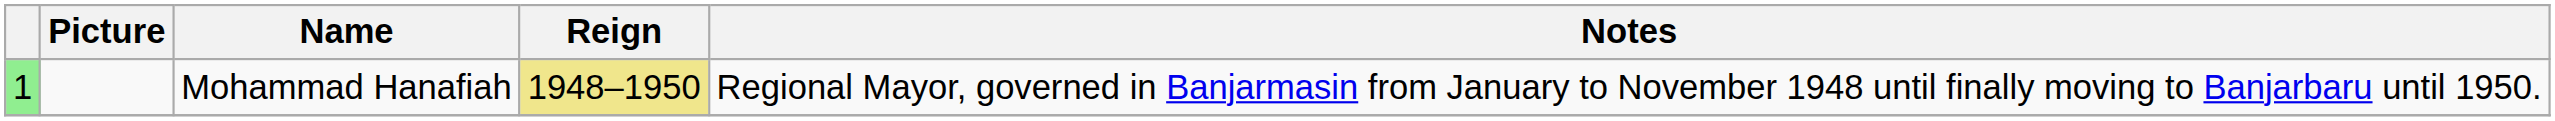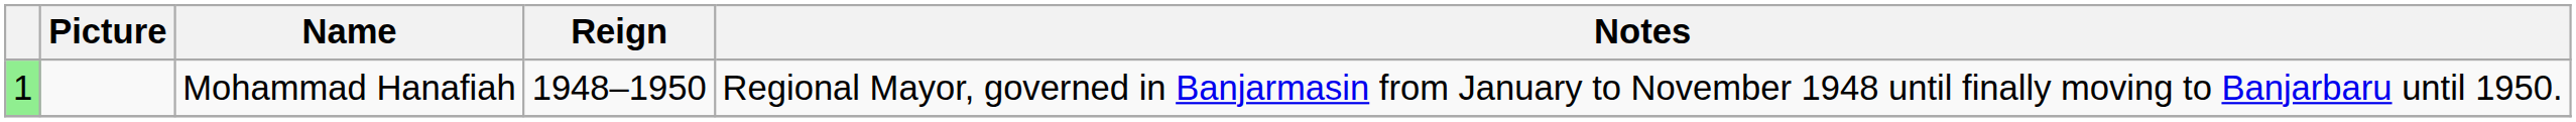 <table class="wikitable">
 <tr>
 <th></th>
 <th>Picture</th>
 <th>Name</th>
 <th>Reign</th>
 <th>Notes</th>
 </tr>
 <tr>
 <td style="background: lightgreen;">1</td>
 <td></td>
 <td style="text-align: center;">Mohammad Hanafiah</td>
-<td style="background: khaki;">1948–1950</td>
+<td>1948–1950</td>
 <td>Regional Mayor, governed in <a href='#'>Banjarmasin</a> from January to November 1948 until finally moving to <a href='#'>Banjarbaru</a> until 1950.</td>
 </tr>
 <tr>
 </tr>
 </table>
